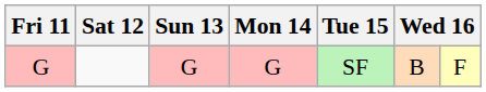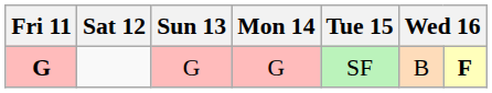 <table class="wikitable" style="margin:0.5em auto; font-size:90%; line-height:1.25em; text-align:center">
 <tr>
 <th>Fri 11</th>
 <th>Sat 12</th>
 <th>Sun 13</th>
 <th>Mon 14</th>
 <th>Tue 15</th>
 <th colspan=2>Wed 16</th>
 </tr>
 <tr>
-<td bgcolor="#FFBBBB">G</td>
+<td bgcolor="#FFBBBB"><strong>G</strong></td>
 <td></td>
 <td bgcolor="#FFBBBB">G</td>
 <td bgcolor="#FFBBBB">G</td>
 <td bgcolor="#BBF3BB">SF</td>
 <td bgcolor="#FEDCBA">B</td>
-<td bgcolor="#FFFFBB">F</td>
+<td bgcolor="#FFFFBB"><strong>F</strong></td>
 </tr>
 </table>
